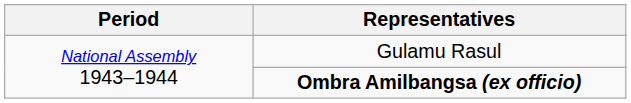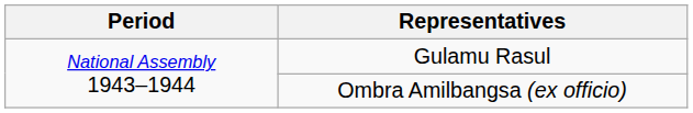 <table class="wikitable" style="text-align:center; width:40%;">
 <tr>
 <th width="40%">Period</th>
 <th>Representatives</th>
 </tr>
 <tr>
 <td rowspan="2"><small><a href='#'><em>National Assembly</em></a></small><br>1943–1944</td>
 <td>Gulamu Rasul</td>
 </tr>
 <tr>
-<td><strong>Ombra Amilbangsa <em>(ex officio)</em></strong></td>
+<td>Ombra Amilbangsa <em>(ex officio)</em></td>
 </tr>
 </table>
